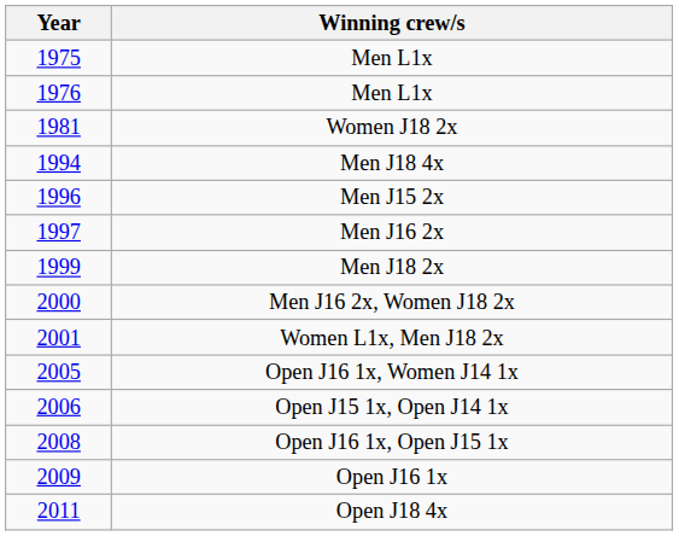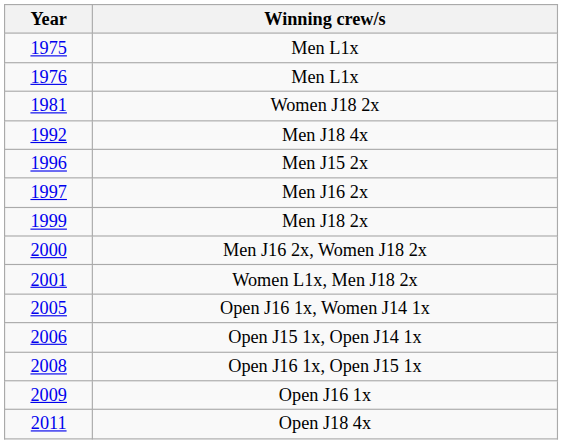 <table class="wikitable" style="text-align:center">
 <tr>
 <th width=70>Year</th>
 <th width=400>Winning crew/s</th>
 </tr>
 <tr>
 <td><a href='#'>1975</a></td>
 <td>Men L1x</td>
 </tr>
 <tr>
 <td><a href='#'>1976</a></td>
 <td>Men L1x</td>
 </tr>
 <tr>
 <td><a href='#'>1981</a></td>
 <td>Women J18 2x</td>
 </tr>
 <tr>
-<td><a href='#'>1994</a></td>
+<td><a href='#'>1992</a></td>
 <td>Men J18 4x</td>
 </tr>
 <tr>
 <td><a href='#'>1996</a></td>
 <td>Men J15 2x</td>
 </tr>
 <tr>
 <td><a href='#'>1997</a></td>
 <td>Men J16 2x</td>
 </tr>
 <tr>
 <td><a href='#'>1999</a></td>
 <td>Men J18 2x</td>
 </tr>
 <tr>
 <td><a href='#'>2000</a></td>
 <td>Men J16 2x, Women J18 2x</td>
 </tr>
 <tr>
 <td><a href='#'>2001</a></td>
 <td>Women L1x, Men J18 2x</td>
 </tr>
 <tr>
 <td><a href='#'>2005</a></td>
 <td>Open J16 1x, Women J14 1x</td>
 </tr>
 <tr>
 <td><a href='#'>2006</a></td>
 <td>Open J15 1x, Open J14 1x</td>
 </tr>
 <tr>
 <td><a href='#'>2008</a></td>
 <td>Open J16 1x, Open J15 1x</td>
 </tr>
 <tr>
 <td><a href='#'>2009</a></td>
 <td>Open J16 1x</td>
 </tr>
 <tr>
 <td><a href='#'>2011</a></td>
 <td>Open J18 4x </td>
 </tr>
 </table>
